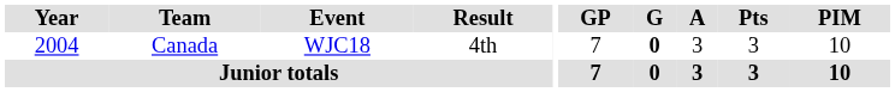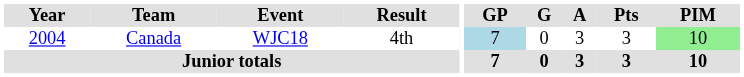 <table border="0" cellpadding="1" cellspacing="0" ID="Table3" style="text-align:center; width:40em">
 <tr ALIGN="center" bgcolor="#e0e0e0">
 <th>Year</th>
 <th>Team</th>
 <th>Event</th>
 <th>Result</th>
 <th rowspan="99" bgcolor="#ffffff"></th>
 <th>GP</th>
 <th>G</th>
 <th>A</th>
 <th>Pts</th>
 <th>PIM</th>
 </tr>
 <tr>
 <td><a href='#'>2004</a></td>
 <td><a href='#'>Canada</a></td>
 <td><a href='#'>WJC18</a></td>
 <td>4th</td>
-<td>7</td>
-<td><strong>0</strong></td>
+<td style="background: lightblue;">7</td>
+<td>0</td>
 <td>3</td>
 <td>3</td>
-<td>10</td>
+<td style="background: lightgreen;">10</td>
 </tr>
 <tr bgcolor="#e0e0e0">
 <th colspan="4">Junior totals</th>
 <th>7</th>
 <th>0</th>
 <th>3</th>
 <th>3</th>
 <th>10</th>
 </tr>
 </table>
